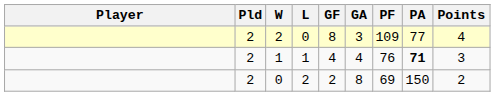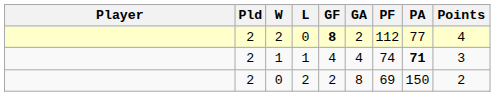 <table class=wikitable style="text-align:center;">
 <tr>
 <th width=220>Player</th>
 <th width=20>Pld</th>
 <th width=20>W</th>
 <th width=20>L</th>
 <th width=20>GF</th>
 <th width=20>GA</th>
 <th width=20>PF</th>
 <th width=20>PA</th>
 <th width=50>Points</th>
 </tr>
 <tr bgcolor=#ffffcc>
 <td style="text-align:left;"></td>
 <td>2</td>
 <td>2</td>
 <td>0</td>
-<td>8</td>
-<td>3</td>
-<td>109</td>
+<td><strong>8</strong></td>
+<td>2</td>
+<td>112</td>
 <td>77</td>
 <td>4</td>
 </tr>
 <tr>
 <td style="text-align:left;"></td>
 <td>2</td>
 <td>1</td>
 <td>1</td>
 <td>4</td>
 <td>4</td>
-<td>76</td>
+<td>74</td>
 <td><strong>71</strong></td>
 <td>3</td>
 </tr>
 <tr>
 <td style="text-align:left;"></td>
 <td>2</td>
 <td>0</td>
 <td>2</td>
 <td>2</td>
 <td>8</td>
 <td>69</td>
 <td>150</td>
 <td>2</td>
 </tr>
 </table>
